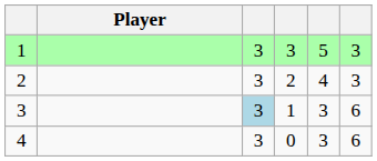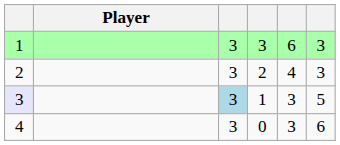 <table class="wikitable" style="text-align: center;">
 <tr>
 <th width=20></th>
 <th width=165>Player</th>
 <th width=20></th>
 <th width=20></th>
 <th width=20></th>
 <th width=20></th>
 </tr>
 <tr style="background:#aaffaa;">
 <td>1</td>
 <td style="text-align:left;"></td>
 <td>3</td>
 <td>3</td>
-<td>5</td>
+<td>6</td>
 <td>3</td>
 </tr>
 <tr>
 <td>2</td>
 <td style="text-align:left;"></td>
 <td>3</td>
 <td>2</td>
 <td>4</td>
 <td>3</td>
 </tr>
 <tr>
-<td>3</td>
+<td style="background: lavender;">3</td>
 <td style="text-align:left;"></td>
 <td style="background: lightblue;">3</td>
 <td>1</td>
 <td>3</td>
-<td>6</td>
+<td>5</td>
 </tr>
 <tr>
 <td>4</td>
 <td style="text-align:left;"></td>
 <td>3</td>
 <td>0</td>
 <td>3</td>
 <td>6</td>
 </tr>
 </table>
